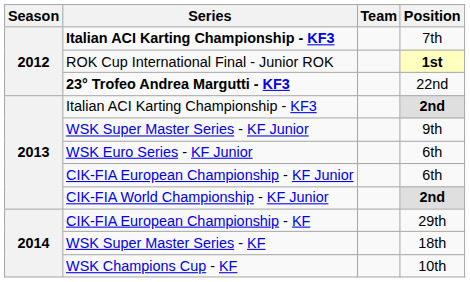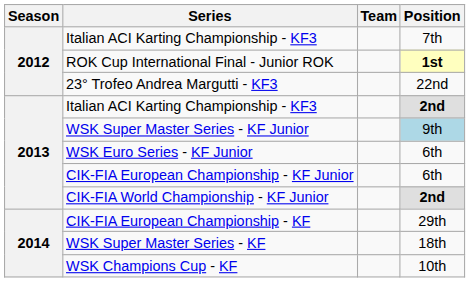 <table class="wikitable" style="font-size: 85%; text-align:center">
 <tr>
 <th>Season</th>
 <th>Series</th>
 <th>Team</th>
 <th>Position</th>
 </tr>
 <tr>
 <th rowspan="3">2012</th>
-<td align="left"><strong>Italian ACI Karting Championship - <a href='#'>KF3</a></strong></td>
+<td align="left">Italian ACI Karting Championship - <a href='#'>KF3</a></td>
 <td align="left"></td>
 <td>7th</td>
 </tr>
 <tr>
 <td align="left">ROK Cup International Final - Junior ROK</td>
 <td align="left"></td>
 <th style="background:#FFFFBF"><strong>1st</strong></th>
 </tr>
 <tr>
-<td align="left"><strong>23° Trofeo Andrea Margutti - <a href='#'>KF3</a></strong></td>
+<td align="left">23° Trofeo Andrea Margutti - <a href='#'>KF3</a></td>
 <td align="left"></td>
 <td>22nd</td>
 </tr>
 <tr>
 <th rowspan="5">2013</th>
 <td align="left">Italian ACI Karting Championship - <a href='#'>KF3</a></td>
 <td align="left"></td>
 <td style="background:#DFDFDF"><strong>2nd</strong></td>
 </tr>
 <tr>
 <td align="left"><a href='#'>WSK Super Master Series</a> - <a href='#'>KF Junior</a></td>
 <td align="left"></td>
-<td>9th</td>
+<td style="background: lightblue;">9th</td>
 </tr>
 <tr>
 <td align="left"><a href='#'>WSK Euro Series</a> - <a href='#'>KF Junior</a></td>
 <td align="left"></td>
 <td>6th</td>
 </tr>
 <tr>
 <td align="left"><a href='#'>CIK-FIA European Championship</a> - <a href='#'>KF Junior</a></td>
 <td align="left"></td>
 <td>6th</td>
 </tr>
 <tr>
 <td align="left"><a href='#'>CIK-FIA World Championship</a> - <a href='#'>KF Junior</a></td>
 <td align="left"></td>
 <th style="background:#DFDFDF"><strong>2nd</strong></th>
 </tr>
 <tr>
 <th rowspan="3">2014</th>
 <td align="left"><a href='#'>CIK-FIA European Championship</a> - <a href='#'>KF</a></td>
 <td align="left"></td>
 <td>29th</td>
 </tr>
 <tr>
 <td align="left"><a href='#'>WSK Super Master Series</a> - <a href='#'>KF</a></td>
 <td align="left"></td>
 <td>18th</td>
 </tr>
 <tr>
 <td align="left"><a href='#'>WSK Champions Cup</a> - <a href='#'>KF</a></td>
 <td align="left"></td>
 <td>10th</td>
 </tr>
 </table>
